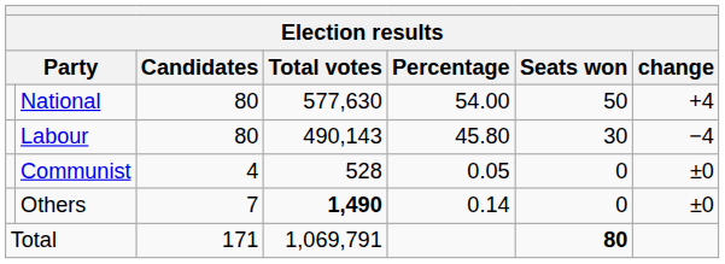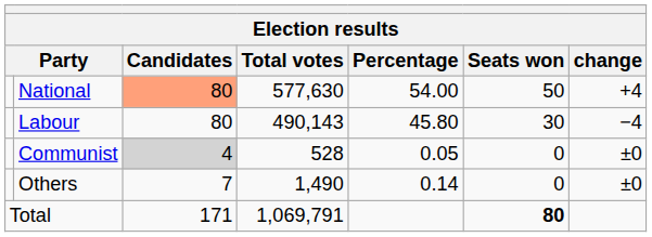 <table class="wikitable" style="text-align:right">
 <tr>
 <th colspan=7></th>
 </tr>
 <tr>
 <th colspan=7>Election results</th>
 </tr>
 <tr>
 <th colspan=2>Party</th>
 <th>Candidates</th>
 <th>Total votes</th>
 <th>Percentage</th>
 <th>Seats won</th>
 <th>change</th>
 </tr>
 <tr align=right>
 <td></td>
 <td align=left><a href='#'>National</a></td>
-<td>80</td>
+<td style="background: lightsalmon;">80</td>
 <td>577,630</td>
 <td>54.00</td>
 <td>50</td>
 <td>+4</td>
 </tr>
 <tr align=right>
 <td></td>
 <td align=left><a href='#'>Labour</a></td>
 <td>80</td>
 <td>490,143</td>
 <td>45.80</td>
 <td>30</td>
 <td>−4</td>
 </tr>
 <tr align=right>
 <td></td>
 <td align=left><a href='#'>Communist</a></td>
-<td>4</td>
+<td style="background: lightgrey;">4</td>
 <td>528</td>
 <td>0.05</td>
 <td>0</td>
 <td>±0</td>
 </tr>
 <tr align=right>
 <td></td>
 <td align=left>Others</td>
 <td>7</td>
-<td><strong>1,490</strong></td>
+<td>1,490</td>
 <td>0.14</td>
 <td>0</td>
 <td>±0</td>
 </tr>
 <tr bgcolor=>
 <td colspan=2 align=left>Total</td>
 <td>171</td>
 <td>1,069,791</td>
 <td></td>
 <td><strong>80</strong></td>
 <td></td>
 </tr>
 </table>
